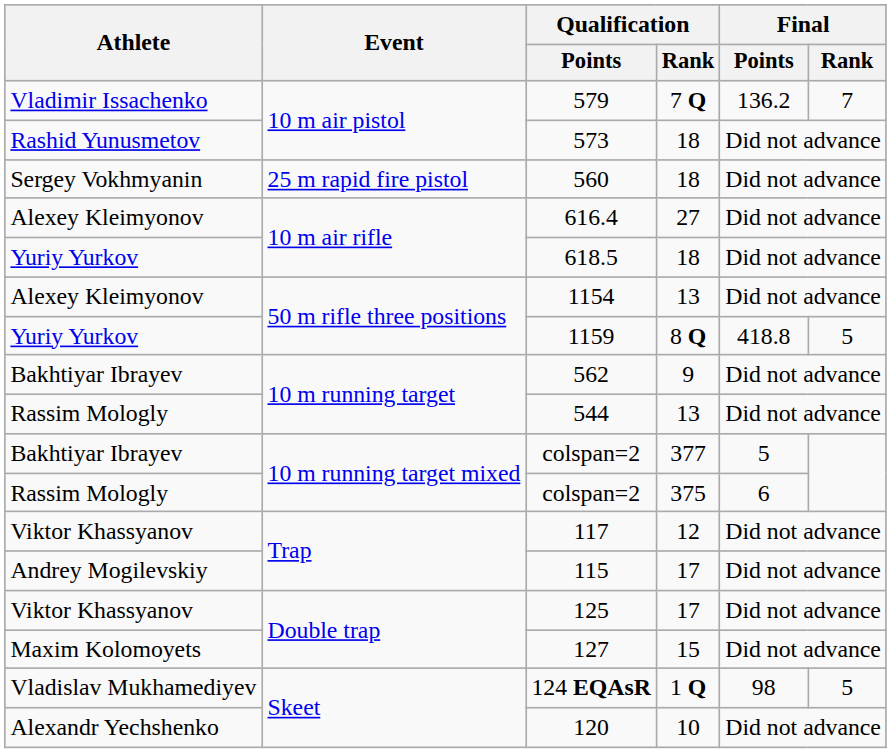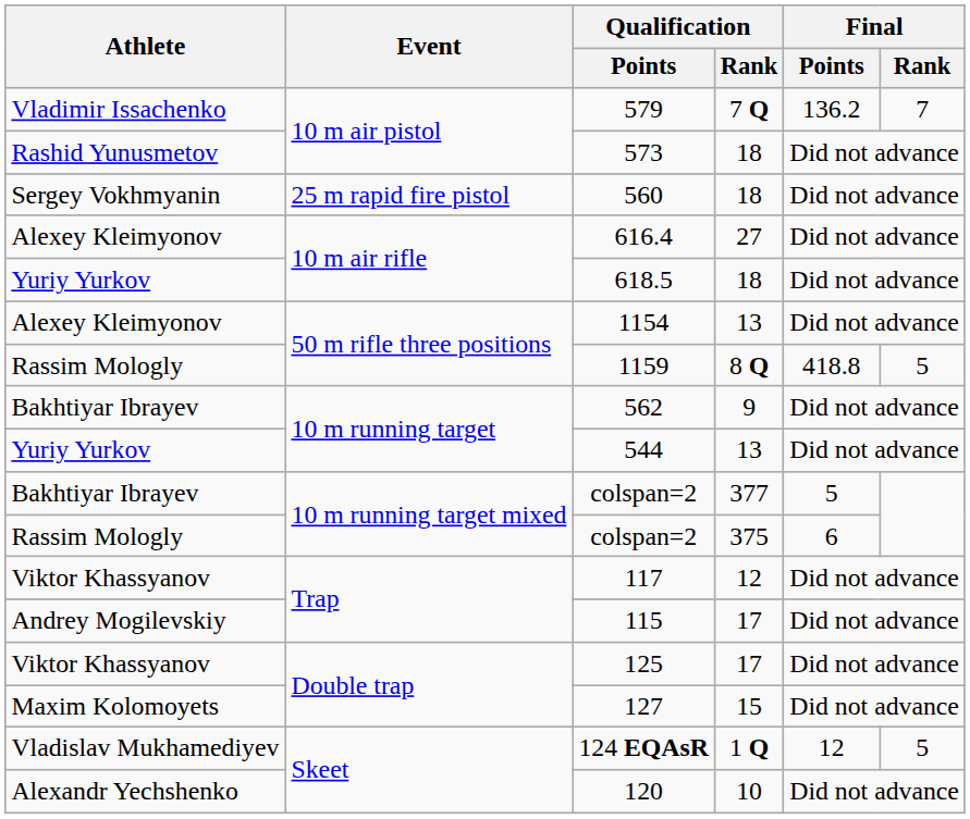 <table class=wikitable style=font-size:90%;text-align:center>
 <tr>
 <th rowspan="2">Athlete</th>
 <th rowspan="2">Event</th>
 <th colspan=2>Qualification</th>
 <th colspan=2>Final</th>
 </tr>
 <tr style="font-size:95%">
 <th>Points</th>
 <th>Rank</th>
 <th>Points</th>
 <th>Rank</th>
 </tr>
 <tr>
 <td align=left><a href='#'>Vladimir Issachenko</a></td>
 <td align=left rowspan=2><a href='#'>10 m air pistol</a></td>
 <td>579</td>
 <td>7 <strong>Q</strong></td>
 <td>136.2</td>
 <td>7</td>
 </tr>
 <tr>
 <td align=left><a href='#'>Rashid Yunusmetov</a></td>
 <td>573</td>
 <td>18</td>
 <td colspan=2>Did not advance</td>
 </tr>
 <tr>
 <td align=left>Sergey Vokhmyanin</td>
 <td align=left><a href='#'>25 m rapid fire pistol</a></td>
 <td>560</td>
 <td>18</td>
 <td colspan=2>Did not advance</td>
 </tr>
 <tr>
 <td align=left>Alexey Kleimyonov</td>
 <td align=left rowspan=2><a href='#'>10 m air rifle</a></td>
 <td>616.4</td>
 <td>27</td>
 <td colspan=2>Did not advance</td>
 </tr>
 <tr>
 <td align=left><a href='#'>Yuriy Yurkov</a></td>
 <td>618.5</td>
 <td>18</td>
 <td colspan=2>Did not advance</td>
 </tr>
 <tr>
 <td align=left>Alexey Kleimyonov</td>
 <td align=left rowspan=2><a href='#'>50 m rifle three positions</a></td>
 <td>1154</td>
 <td>13</td>
 <td colspan=2>Did not advance</td>
 </tr>
 <tr>
-<td align=left><a href='#'>Yuriy Yurkov</a></td>
+<td align=left>Rassim Mologly</td>
 <td>1159</td>
 <td>8 <strong>Q</strong></td>
 <td>418.8</td>
 <td>5</td>
 </tr>
 <tr>
 <td align=left>Bakhtiyar Ibrayev</td>
 <td align=left rowspan=2><a href='#'>10 m running target</a></td>
 <td>562</td>
 <td>9</td>
 <td colspan=2>Did not advance</td>
 </tr>
 <tr>
-<td align=left>Rassim Mologly</td>
+<td align=left><a href='#'>Yuriy Yurkov</a></td>
 <td>544</td>
 <td>13</td>
 <td colspan=2>Did not advance</td>
 </tr>
 <tr>
 <td align=left>Bakhtiyar Ibrayev</td>
 <td align=left rowspan=2><a href='#'>10 m running target mixed</a></td>
 <td>colspan=2 </td>
 <td>377</td>
 <td>5</td>
 </tr>
 <tr>
 <td align=left>Rassim Mologly</td>
 <td>colspan=2 </td>
 <td>375</td>
 <td>6</td>
 </tr>
 <tr>
 <td align=left>Viktor Khassyanov</td>
 <td align=left rowspan=2><a href='#'>Trap</a></td>
 <td>117</td>
 <td>12</td>
 <td colspan=2>Did not advance</td>
 </tr>
 <tr>
 <td align=left>Andrey Mogilevskiy</td>
 <td>115</td>
 <td>17</td>
 <td colspan=2>Did not advance</td>
 </tr>
 <tr>
 <td align=left>Viktor Khassyanov</td>
 <td align=left rowspan=2><a href='#'>Double trap</a></td>
 <td>125</td>
 <td>17</td>
 <td colspan=2>Did not advance</td>
 </tr>
 <tr>
 <td align=left>Maxim Kolomoyets</td>
 <td>127</td>
 <td>15</td>
 <td colspan=2>Did not advance</td>
 </tr>
 <tr>
 <td align=left>Vladislav Mukhamediyev</td>
 <td align=left rowspan=2><a href='#'>Skeet</a></td>
 <td>124 <strong>EQAsR</strong></td>
 <td>1 <strong>Q</strong></td>
-<td>98</td>
+<td>12</td>
 <td>5</td>
 </tr>
 <tr>
 <td align=left>Alexandr Yechshenko</td>
 <td>120</td>
 <td>10</td>
 <td colspan=2>Did not advance</td>
 </tr>
 </table>
